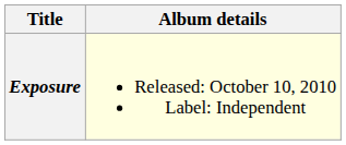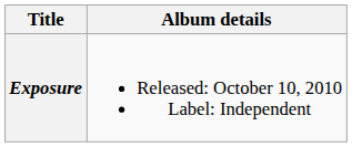 <table class="wikitable plainrowheaders" style="text-align:center;">
 <tr>
 <th scope="col">Title</th>
 <th scope="col">Album details</th>
 </tr>
 <tr>
 <th scope="row"><em>Exposure</em></th>
-<td style="background: lightyellow;"><br><ul><li>Released: October 10, 2010</li><li>Label: Independent</li></ul></td>
+<td><br><ul><li>Released: October 10, 2010</li><li>Label: Independent</li></ul></td>
 </tr>
 </table>
